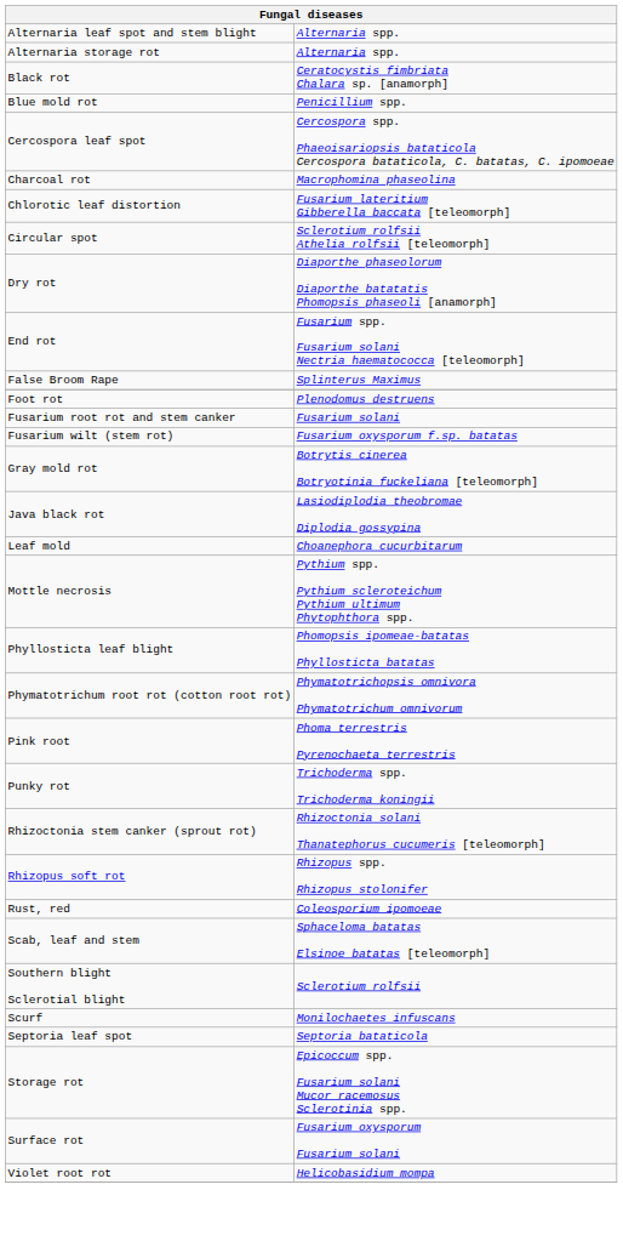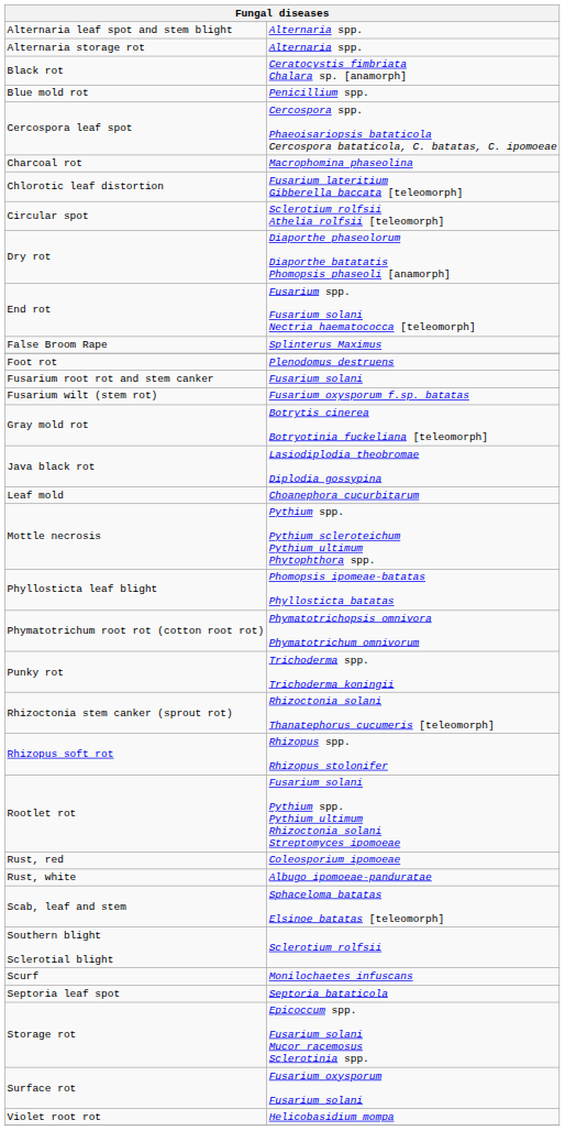 <table class="wikitable">
 <tr>
 <th colspan=2>Fungal diseases</th>
 </tr>
 <tr>
 <td>Alternaria leaf spot and stem blight</td>
 <td><em><a href='#'>Alternaria</a></em> spp.</td>
 </tr>
 <tr>
 <td>Alternaria storage rot</td>
 <td><em><a href='#'>Alternaria</a></em> spp.</td>
 </tr>
 <tr>
 <td>Black rot</td>
 <td><em><a href='#'>Ceratocystis fimbriata</a></em><br><em><a href='#'>Chalara</a></em> sp. [anamorph]</td>
 </tr>
 <tr>
 <td>Blue mold rot</td>
 <td><em><a href='#'>Penicillium</a></em> spp.</td>
 </tr>
 <tr>
 <td>Cercospora leaf spot</td>
 <td><em><a href='#'>Cercospora</a></em> spp. <br><br><em><a href='#'>Phaeoisariopsis bataticola</a></em><br>  <em>Cercospora bataticola, C. batatas, C. ipomoeae</em></td>
 </tr>
 <tr>
 <td>Charcoal rot</td>
 <td><em><a href='#'>Macrophomina phaseolina</a></em></td>
 </tr>
 <tr>
 <td>Chlorotic leaf distortion</td>
 <td><em><a href='#'>Fusarium lateritium</a></em><br><em><a href='#'>Gibberella baccata</a></em> [teleomorph]</td>
 </tr>
 <tr>
 <td>Circular spot</td>
 <td><em><a href='#'>Sclerotium rolfsii</a></em> <br><em><a href='#'>Athelia rolfsii</a></em> [teleomorph]</td>
 </tr>
 <tr>
 <td>Dry rot</td>
 <td><em><a href='#'>Diaporthe phaseolorum</a></em> <br><br> <em><a href='#'>Diaporthe batatatis</a></em><br> <em><a href='#'>Phomopsis phaseoli</a></em> [anamorph]</td>
 </tr>
 <tr>
 <td>End rot</td>
 <td><em><a href='#'>Fusarium</a></em> spp. <br><br><em><a href='#'>Fusarium solani</a></em><br> <em><a href='#'>Nectria haematococca</a></em> [teleomorph]</td>
 </tr>
 <tr>
 <td>False Broom Rape</td>
 <td><em><a href='#'>Splinterus Maximus</a></em></td>
 </tr>
 <tr>
 </tr>
 <tr>
 <td>Foot rot</td>
 <td><em><a href='#'>Plenodomus destruens</a></em></td>
 </tr>
 <tr>
 <td>Fusarium root rot and stem canker</td>
 <td><em><a href='#'>Fusarium solani</a></em></td>
 </tr>
 <tr>
 <td>Fusarium wilt (stem rot)</td>
 <td><em><a href='#'>Fusarium oxysporum f.sp. batatas</a></em></td>
 </tr>
 <tr>
 <td>Gray mold rot</td>
 <td><em><a href='#'>Botrytis cinerea</a></em><br><br><em><a href='#'>Botryotinia fuckeliana</a></em> [teleomorph]</td>
 </tr>
 <tr>
 <td>Java black rot</td>
 <td><em><a href='#'>Lasiodiplodia theobromae</a></em> <br><br> <em><a href='#'>Diplodia gossypina</a></em></td>
 </tr>
 <tr>
 <td>Leaf mold</td>
 <td><em><a href='#'>Choanephora cucurbitarum</a></em></td>
 </tr>
 <tr>
 <td>Mottle necrosis</td>
 <td><em><a href='#'>Pythium</a></em> spp. <br><br><em><a href='#'>Pythium scleroteichum</a></em><br> <em><a href='#'>Pythium ultimum</a></em><br> <em><a href='#'>Phytophthora</a></em> spp.</td>
 </tr>
 <tr>
 <td>Phyllosticta leaf blight</td>
 <td><em><a href='#'>Phomopsis ipomeae-batatas</a></em> <br><br> <em><a href='#'>Phyllosticta batatas</a></em></td>
 </tr>
 <tr>
 <td>Phymatotrichum root rot (cotton root rot)</td>
 <td><em><a href='#'>Phymatotrichopsis omnivora</a></em> <br><br> <em><a href='#'>Phymatotrichum omnivorum</a></em></td>
 </tr>
 <tr>
-<td>Pink root</td>
-<td><em><a href='#'>Phoma terrestris</a></em> <br><br> <em><a href='#'>Pyrenochaeta terrestris</a></em></td>
-</tr>
-<tr>
 <td>Punky rot</td>
 <td><em><a href='#'>Trichoderma</a></em> spp. <br><br><em><a href='#'>Trichoderma koningii</a></em></td>
 </tr>
 <tr>
 <td>Rhizoctonia stem canker (sprout rot)</td>
 <td><em><a href='#'>Rhizoctonia solani</a></em><br><br><em><a href='#'>Thanatephorus cucumeris</a></em> [teleomorph]</td>
 </tr>
 <tr>
 <td><a href='#'>Rhizopus soft rot</a></td>
 <td><em><a href='#'>Rhizopus</a></em> spp. <br><br><em><a href='#'>Rhizopus stolonifer</a></em></td>
 </tr>
 <tr>
+<td>Rootlet rot</td>
+<td><em><a href='#'>Fusarium solani</a></em><br><br><em><a href='#'>Pythium</a></em> spp. <br> <em><a href='#'>Pythium ultimum</a></em><br> <em><a href='#'>Rhizoctonia solani</a></em><br> <em><a href='#'>Streptomyces ipomoeae</a></em></td>
+</tr>
+<tr>
 <td>Rust, red</td>
 <td><em><a href='#'>Coleosporium ipomoeae</a></em></td>
+</tr>
+<tr>
+<td>Rust, white</td>
+<td><em><a href='#'>Albugo ipomoeae-panduratae</a></em></td>
 </tr>
 <tr>
 <td>Scab, leaf and stem</td>
 <td><em><a href='#'>Sphaceloma batatas</a></em><br><br><em><a href='#'>Elsinoe batatas</a></em> [teleomorph]</td>
 </tr>
 <tr>
 <td>Southern blight<br><br>Sclerotial blight</td>
 <td><em><a href='#'>Sclerotium rolfsii</a></em></td>
 </tr>
 <tr>
 <td>Scurf</td>
 <td><em><a href='#'>Monilochaetes infuscans</a></em></td>
 </tr>
 <tr>
 <td>Septoria leaf spot</td>
 <td><em><a href='#'>Septoria bataticola</a></em></td>
 </tr>
 <tr>
 <td>Storage rot</td>
 <td><em><a href='#'>Epicoccum</a></em> spp. <br><br><em><a href='#'>Fusarium solani</a></em><br> <em><a href='#'>Mucor racemosus</a></em><br> <em><a href='#'>Sclerotinia</a></em> spp.</td>
 </tr>
 <tr>
 <td>Surface rot</td>
 <td><em><a href='#'>Fusarium oxysporum</a></em><br><br><em><a href='#'>Fusarium solani</a></em></td>
 </tr>
 <tr>
 <td>Violet root rot</td>
 <td><em><a href='#'>Helicobasidium mompa</a></em></td>
 </tr>
 <tr>
 </tr>
 </table>
